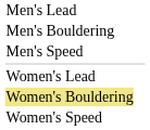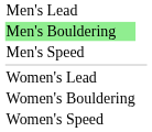 <table>
 <tr>
 <td>Men's Lead</td>
 <td></td>
 <td></td>
 <td></td>
 </tr>
 <tr>
-<td>Men's Bouldering</td>
+<td style="background: lightgreen;">Men's Bouldering</td>
 <td></td>
 <td></td>
 <td></td>
 </tr>
 <tr>
 <td>Men's Speed</td>
 <td></td>
 <td></td>
 <td></td>
 </tr>
 <tr bgcolor=#DDDDDD>
 <td colspan=7></td>
 </tr>
 <tr>
 <td>Women's Lead</td>
 <td></td>
 <td></td>
 <td></td>
 </tr>
 <tr>
-<td style="background: khaki;">Women's Bouldering</td>
+<td>Women's Bouldering</td>
 <td></td>
 <td></td>
 <td></td>
 </tr>
 <tr>
 <td>Women's Speed</td>
 <td></td>
 <td></td>
 <td></td>
 </tr>
 </table>
